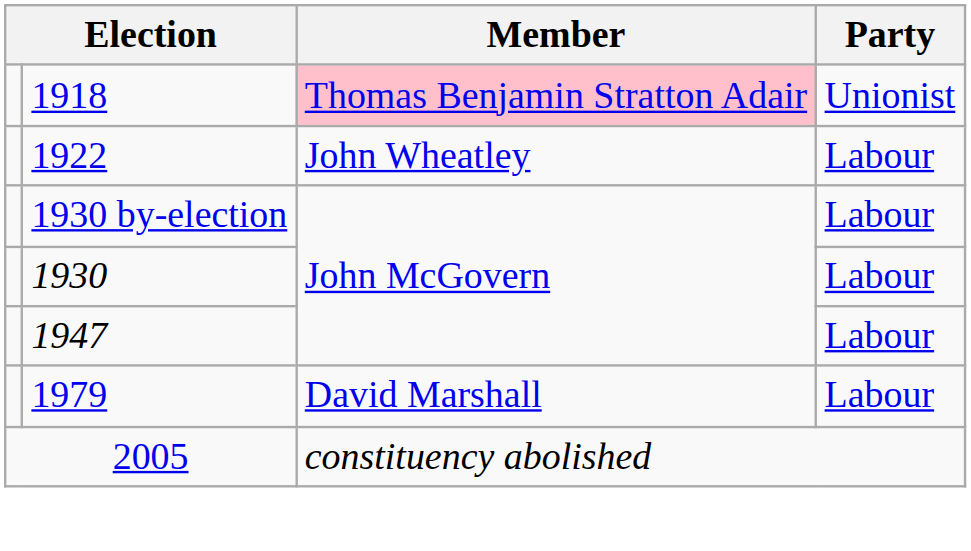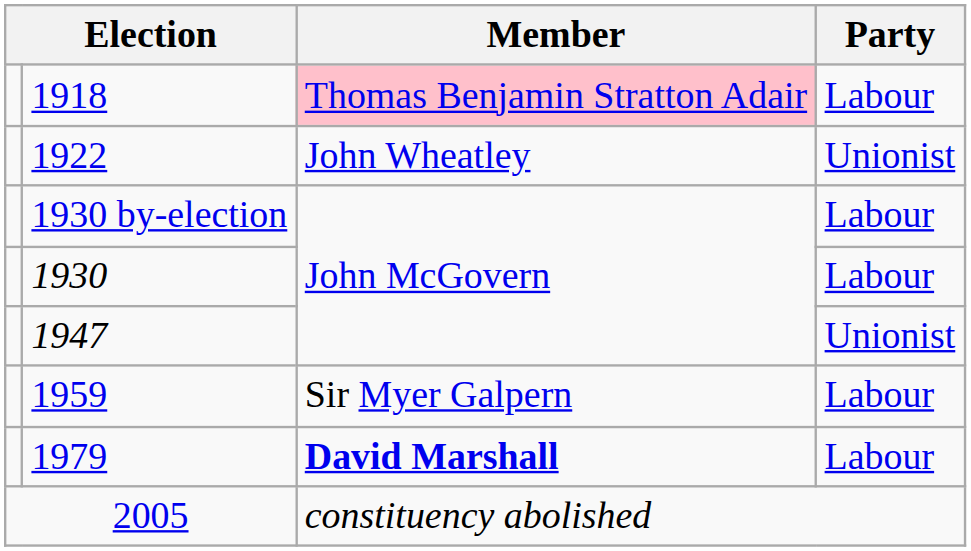 <table class="wikitable">
 <tr>
 <th colspan=2>Election</th>
 <th>Member </th>
 <th>Party</th>
 </tr>
 <tr>
 <td style="color:inherit;background-color: "></td>
 <td><a href='#'>1918</a></td>
 <td style="background: pink;"><a href='#'>Thomas Benjamin Stratton Adair</a></td>
-<td><a href='#'>Unionist</a></td>
+<td><a href='#'>Labour</a></td>
 </tr>
 <tr>
 <td style="color:inherit;background-color: "></td>
 <td><a href='#'>1922</a></td>
 <td><a href='#'>John Wheatley</a></td>
-<td><a href='#'>Labour</a></td>
+<td><a href='#'>Unionist</a></td>
 </tr>
 <tr>
 <td style="color:inherit;background-color: "></td>
 <td><a href='#'>1930 by-election</a></td>
 <td rowspan=3><a href='#'>John McGovern</a></td>
 <td><a href='#'>Labour</a></td>
 </tr>
 <tr>
 <td style="color:inherit;background-color: "></td>
 <td><em>1930</em></td>
 <td><a href='#'>Labour</a></td>
 </tr>
 <tr>
 <td style="color:inherit;background-color: "></td>
 <td><em>1947</em></td>
+<td><a href='#'>Unionist</a></td>
+</tr>
+<tr>
+<td style="color:inherit;background-color: "></td>
+<td><a href='#'>1959</a></td>
+<td>Sir <a href='#'>Myer Galpern</a></td>
 <td><a href='#'>Labour</a></td>
 </tr>
 <tr>
 <td style="color:inherit;background-color: "></td>
 <td><a href='#'>1979</a></td>
-<td><a href='#'>David Marshall</a></td>
+<td><strong><a href='#'>David Marshall</a></strong></td>
 <td><a href='#'>Labour</a></td>
 </tr>
 <tr>
 <td colspan="2" align="center"><a href='#'>2005</a></td>
 <td colspan="2"><em>constituency abolished</em></td>
 </tr>
 </table>
